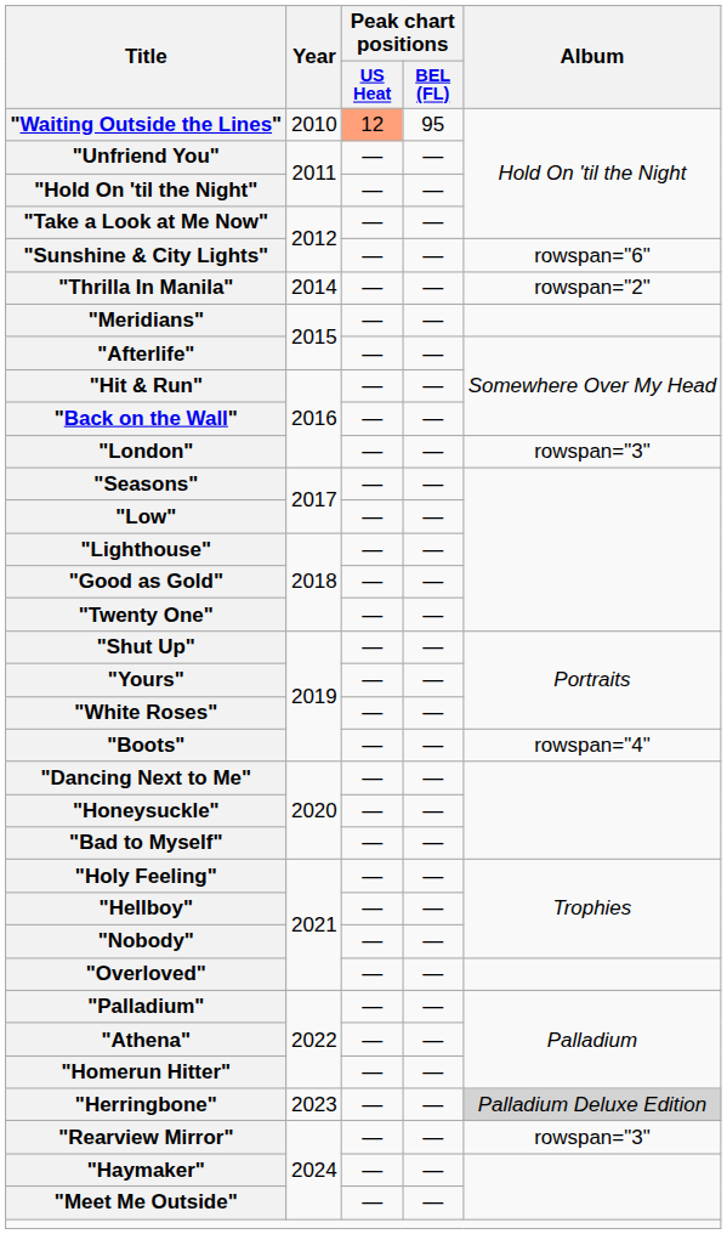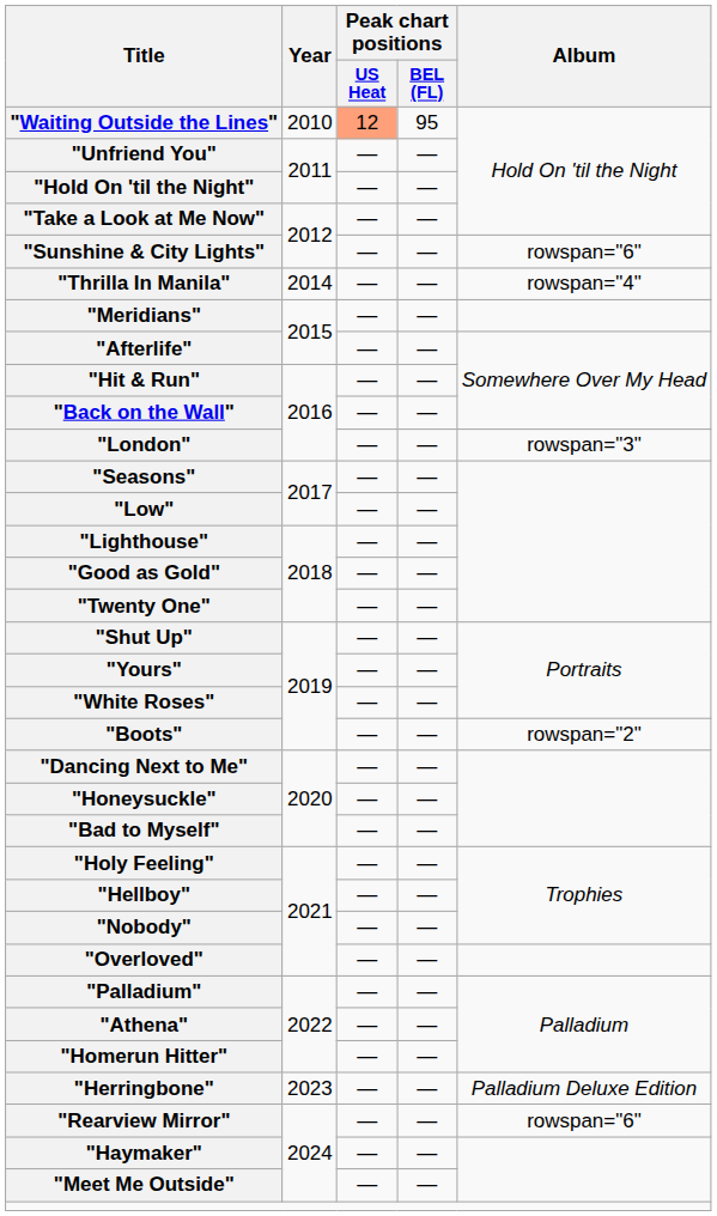 <table class="wikitable plainrowheaders" style="text-align:center;">
 <tr>
 <th scope="col" rowspan="2">Title</th>
 <th scope="col" rowspan="2">Year</th>
 <th scope="col" colspan="2">Peak chart positions</th>
 <th scope="col" rowspan="2">Album</th>
 </tr>
 <tr>
 <th scope="col" style="width:3em;font-size:85%;"><a href='#'>US<br>Heat</a><br></th>
 <th scope="col" style="width:3em;font-size:85%;"><a href='#'>BEL<br>(FL)</a><br></th>
 </tr>
 <tr>
 <th scope="row">"<a href='#'>Waiting Outside the Lines</a>"</th>
 <td>2010</td>
 <td style="background: lightsalmon;">12</td>
 <td>95</td>
 <td rowspan="4"><em>Hold On 'til the Night</em></td>
 </tr>
 <tr>
 <th scope="row">"Unfriend You"</th>
 <td rowspan="2">2011</td>
 <td>—</td>
 <td>—</td>
 </tr>
 <tr>
 <th scope="row">"Hold On 'til the Night"</th>
 <td>—</td>
 <td>—</td>
 </tr>
 <tr>
 <th scope="row">"Take a Look at Me Now"</th>
 <td rowspan="2">2012</td>
 <td>—</td>
 <td>—</td>
 </tr>
 <tr>
 <th scope="row">"Sunshine & City Lights"</th>
 <td>—</td>
 <td>—</td>
 <td>rowspan="6" </td>
 </tr>
 <tr>
 <th scope="row">"Thrilla In Manila"</th>
 <td>2014</td>
 <td>—</td>
 <td>—</td>
-<td>rowspan="2" </td>
+<td>rowspan="4" </td>
 </tr>
 <tr>
 <th scope="row">"Meridians"</th>
 <td rowspan="2">2015</td>
 <td>—</td>
 <td>—</td>
 </tr>
 <tr>
 <th scope="row">"Afterlife"</th>
 <td>—</td>
 <td>—</td>
 <td rowspan="3"><em>Somewhere Over My Head</em></td>
 </tr>
 <tr>
 <th scope="row">"Hit & Run"</th>
 <td rowspan="3">2016</td>
 <td>—</td>
 <td>—</td>
 </tr>
 <tr>
 <th scope="row">"<a href='#'>Back on the Wall</a>"</th>
 <td>—</td>
 <td>—</td>
 </tr>
 <tr>
 <th scope="row">"London"</th>
 <td>—</td>
 <td>—</td>
 <td>rowspan="3" </td>
 </tr>
 <tr>
 <th scope="row">"Seasons"</th>
 <td rowspan="2">2017</td>
 <td>—</td>
 <td>—</td>
 </tr>
 <tr>
 <th scope="row">"Low"</th>
 <td>—</td>
 <td>—</td>
 </tr>
 <tr>
 <th scope="row">"Lighthouse"<br></th>
 <td rowspan="3">2018</td>
 <td>—</td>
 <td>—</td>
 </tr>
 <tr>
 <th scope="row">"Good as Gold"</th>
 <td>—</td>
 <td>—</td>
 </tr>
 <tr>
 <th scope="row">"Twenty One"</th>
 <td>—</td>
 <td>—</td>
 </tr>
 <tr>
 <th scope="row">"Shut Up"</th>
 <td rowspan="4">2019</td>
 <td>—</td>
 <td>—</td>
 <td rowspan="3"><em>Portraits</em></td>
 </tr>
 <tr>
 <th scope="row">"Yours"</th>
 <td>—</td>
 <td>—</td>
 </tr>
 <tr>
 <th scope="row">"White Roses"</th>
 <td>—</td>
 <td>—</td>
 </tr>
 <tr>
 <th scope="row">"Boots"</th>
 <td>—</td>
 <td>—</td>
-<td>rowspan="4" </td>
+<td>rowspan="2" </td>
 </tr>
 <tr>
 <th scope="row">"Dancing Next to Me"</th>
 <td rowspan="3">2020</td>
 <td>—</td>
 <td>—</td>
 </tr>
 <tr>
 <th scope="row">"Honeysuckle"</th>
 <td>—</td>
 <td>—</td>
 </tr>
 <tr>
 <th scope="row">"Bad to Myself"</th>
 <td>—</td>
 <td>—</td>
 </tr>
 <tr>
 <th scope="row">"Holy Feeling"</th>
 <td rowspan="4">2021</td>
 <td>—</td>
 <td>—</td>
 <td rowspan="3"><em>Trophies</em></td>
 </tr>
 <tr>
 <th scope="row">"Hellboy"</th>
 <td>—</td>
 <td>—</td>
 </tr>
 <tr>
 <th scope="row">"Nobody"</th>
 <td>—</td>
 <td>—</td>
 </tr>
 <tr>
 <th scope="row">"Overloved"</th>
 <td>—</td>
 <td>—</td>
 <td></td>
 </tr>
 <tr>
 <th scope="row">"Palladium"</th>
 <td rowspan="3">2022</td>
 <td>—</td>
 <td>—</td>
 <td rowspan="3"><em>Palladium</em></td>
 </tr>
 <tr>
 <th scope="row">"Athena"</th>
 <td>—</td>
 <td>—</td>
 </tr>
 <tr>
 <th scope="row">"Homerun Hitter"</th>
 <td>—</td>
 <td>—</td>
 </tr>
 <tr>
 <th scope="row">"Herringbone"</th>
 <td>2023</td>
 <td>—</td>
 <td>—</td>
-<td style="background: lightgrey;"><em>Palladium Deluxe Edition</em></td>
+<td><em>Palladium Deluxe Edition</em></td>
 </tr>
 <tr>
 <th scope="row">"Rearview Mirror"</th>
 <td rowspan="3">2024</td>
 <td>—</td>
 <td>—</td>
-<td>rowspan="3" </td>
+<td>rowspan="6" </td>
 </tr>
 <tr>
 <th scope="row">"Haymaker"</th>
 <td>—</td>
 <td>—</td>
 </tr>
 <tr>
 <th scope="row">"Meet Me Outside"</th>
 <td>—</td>
 <td>—</td>
 </tr>
 <tr>
 <td colspan="5"></td>
 </tr>
 </table>
